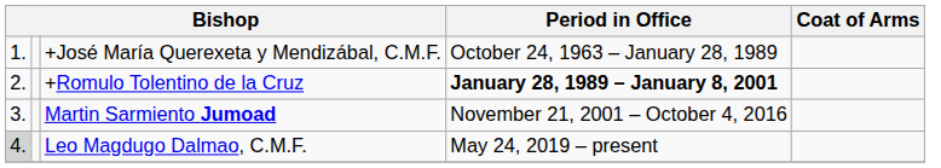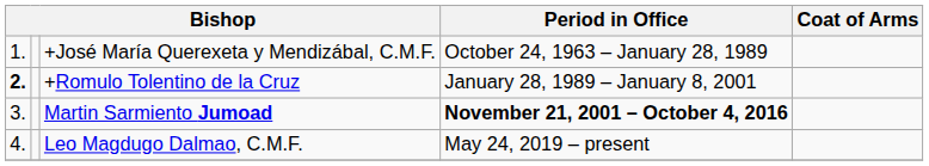 <table class="wikitable">
 <tr>
 <th colspan=3>Bishop</th>
 <th>Period in Office</th>
 <th>Coat of Arms</th>
 </tr>
 <tr>
 <td>1.</td>
 <td></td>
 <td>+José María Querexeta y Mendizábal, C.M.F.</td>
 <td>October 24, 1963 – January 28, 1989</td>
 <td></td>
 </tr>
 <tr>
-<td>2.</td>
+<td><strong>2.</strong></td>
 <td></td>
 <td>+<a href='#'>Romulo Tolentino de la Cruz</a></td>
-<td><strong>January 28, 1989 – January 8, 2001</strong></td>
+<td>January 28, 1989 – January 8, 2001</td>
 <td></td>
 </tr>
 <tr>
 <td>3.</td>
 <td></td>
 <td><a href='#'>Martin Sarmiento <strong>Jumoad</strong></a></td>
-<td>November 21, 2001 – October 4, 2016</td>
+<td><strong>November 21, 2001 – October 4, 2016</strong></td>
 <td></td>
 </tr>
 <tr>
-<td style="background: lightgrey;">4.</td>
+<td>4.</td>
 <td></td>
 <td><a href='#'>Leo Magdugo Dalmao</a>, C.M.F.</td>
 <td>May 24, 2019 – present</td>
 <td></td>
 </tr>
 <tr>
 </tr>
 </table>
